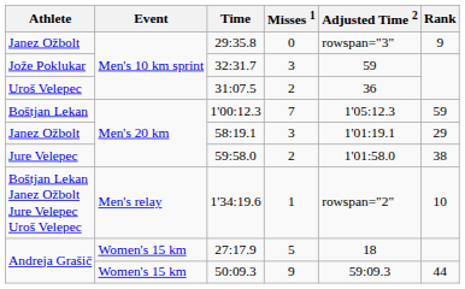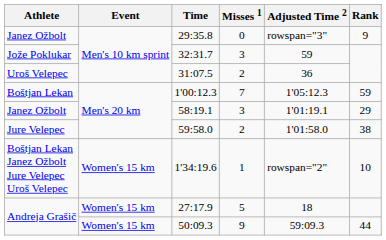 <table class="wikitable" style="font-size:90%">
 <tr>
 <th>Athlete</th>
 <th>Event</th>
 <th>Time</th>
 <th>Misses <sup>1</sup></th>
 <th>Adjusted Time <sup>2</sup></th>
 <th>Rank</th>
 </tr>
 <tr>
 <td><a href='#'>Janez Ožbolt</a></td>
 <td rowspan="3"><a href='#'>Men's 10 km sprint</a></td>
 <td align="center">29:35.8</td>
 <td align="center">0</td>
 <td>rowspan="3" </td>
 <td align="center">9</td>
 </tr>
 <tr>
 <td><a href='#'>Jože Poklukar</a></td>
 <td align="center">32:31.7</td>
 <td align="center">3</td>
 <td align="center">59</td>
 </tr>
 <tr>
 <td><a href='#'>Uroš Velepec</a></td>
 <td align="center">31:07.5</td>
 <td align="center">2</td>
 <td align="center">36</td>
 </tr>
 <tr>
 <td><a href='#'>Boštjan Lekan</a></td>
 <td rowspan="3"><a href='#'>Men's 20 km</a></td>
 <td align="center">1'00:12.3</td>
 <td align="center">7</td>
 <td align="center">1'05:12.3</td>
 <td align="center">59</td>
 </tr>
 <tr>
 <td><a href='#'>Janez Ožbolt</a></td>
 <td align="center">58:19.1</td>
 <td align="center">3</td>
 <td align="center">1'01:19.1</td>
 <td align="center">29</td>
 </tr>
 <tr>
 <td><a href='#'>Jure Velepec</a></td>
 <td align="center">59:58.0</td>
 <td align="center">2</td>
 <td align="center">1'01:58.0</td>
 <td align="center">38</td>
 </tr>
 <tr>
 <td><a href='#'>Boštjan Lekan</a><br><a href='#'>Janez Ožbolt</a><br><a href='#'>Jure Velepec</a><br><a href='#'>Uroš Velepec</a></td>
-<td><a href='#'>Men's relay</a></td>
+<td><a href='#'>Women's 15 km</a></td>
 <td align=center>1'34:19.6</td>
 <td align=center>1</td>
 <td>rowspan="2"</td>
 <td align=center>10</td>
 </tr>
 <tr>
 <td rowspan="2"><a href='#'>Andreja Grašič</a></td>
 <td><a href='#'>Women's 15 km</a></td>
 <td align="center">27:17.9</td>
 <td align="center">5</td>
 <td align="center">18</td>
 </tr>
 <tr>
 <td><a href='#'>Women's 15 km</a></td>
 <td align="center">50:09.3</td>
 <td align="center">9</td>
 <td align="center">59:09.3</td>
 <td align="center">44</td>
 </tr>
 </table>
